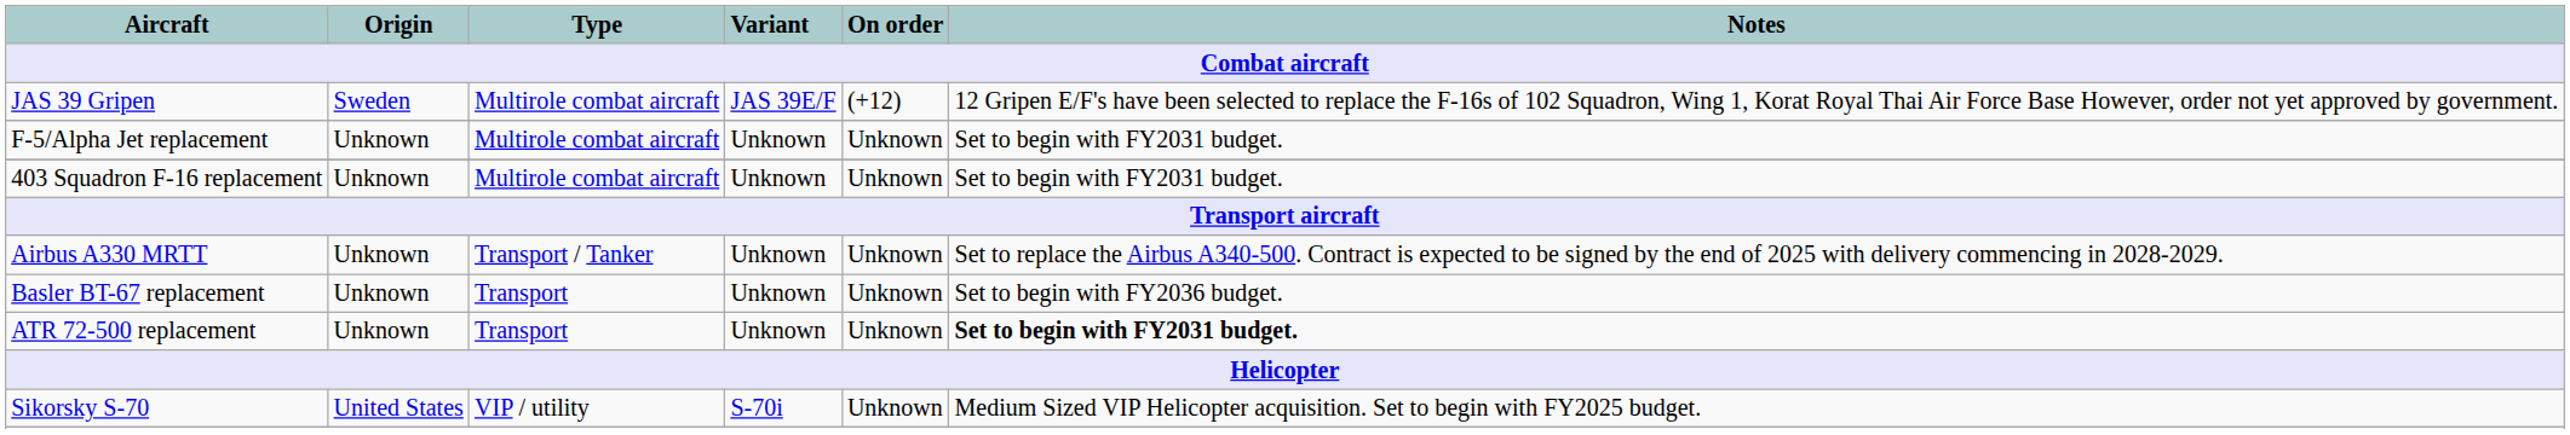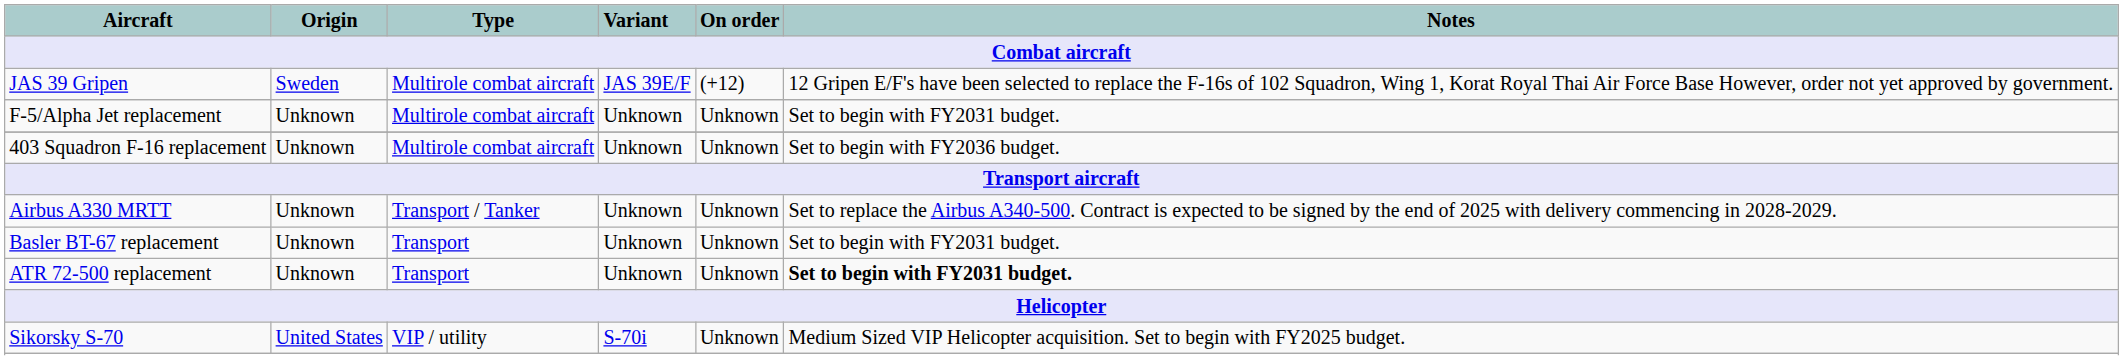 <table class="wikitable">
 <tr>
 <th style="text-align:center; background:#acc;">Aircraft</th>
 <th style="text-align: center; background:#acc;">Origin</th>
 <th style="text-align:l center; background:#acc;">Type</th>
 <th style="text-align:left; background:#acc;">Variant</th>
 <th style="text-align:center; background:#acc;">On order</th>
 <th style="text-align: center; background:#acc;">Notes</th>
 </tr>
 <tr>
 <th style="align: center; background: lavender;" colspan="7"><a href='#'>Combat aircraft</a></th>
 </tr>
 <tr>
 <td><a href='#'>JAS 39 Gripen</a></td>
 <td><a href='#'>Sweden</a></td>
 <td><a href='#'>Multirole combat aircraft</a></td>
 <td><a href='#'>JAS 39E/F</a></td>
 <td>(+12)</td>
 <td>12 Gripen E/F's have been selected to replace the F-16s of 102 Squadron, Wing 1, Korat Royal Thai Air Force Base However, order not yet approved by government.</td>
 </tr>
 <tr>
 </tr>
 <tr>
 <td>F-5/Alpha Jet replacement</td>
 <td>Unknown</td>
 <td><a href='#'>Multirole combat aircraft</a></td>
 <td>Unknown</td>
 <td>Unknown</td>
 <td>Set to begin with FY2031 budget.</td>
 </tr>
 <tr>
 </tr>
 <tr>
 <td>403 Squadron F-16 replacement</td>
 <td>Unknown</td>
 <td><a href='#'>Multirole combat aircraft</a></td>
 <td>Unknown</td>
 <td>Unknown</td>
-<td>Set to begin with FY2031 budget.</td>
+<td>Set to begin with FY2036 budget.</td>
 </tr>
 <tr>
 <th style="align: center; background: lavender;" colspan="7"><a href='#'>Transport aircraft</a></th>
 </tr>
 <tr>
 <td><a href='#'>Airbus A330 MRTT</a></td>
 <td>Unknown</td>
 <td><a href='#'>Transport</a> / <a href='#'>Tanker</a></td>
 <td>Unknown</td>
 <td>Unknown</td>
 <td>Set to replace the <a href='#'>Airbus A340-500</a>. Contract is expected to be signed by the end of 2025 with delivery commencing in 2028-2029.</td>
 </tr>
 <tr>
 <td><a href='#'>Basler BT-67</a> replacement</td>
 <td>Unknown</td>
 <td><a href='#'>Transport</a></td>
 <td>Unknown</td>
 <td>Unknown</td>
-<td>Set to begin with FY2036 budget.</td>
+<td>Set to begin with FY2031 budget.</td>
 </tr>
 <tr>
 <td><a href='#'>ATR 72-500</a> replacement</td>
 <td>Unknown</td>
 <td><a href='#'>Transport</a></td>
 <td>Unknown</td>
 <td>Unknown</td>
 <td><strong>Set to begin with FY2031 budget.</strong></td>
 </tr>
 <tr>
 <th style="align: center; background: lavender;" colspan="7"><a href='#'>Helicopter</a></th>
 </tr>
 <tr>
 <td><a href='#'>Sikorsky S-70</a></td>
 <td><a href='#'>United States</a></td>
 <td><a href='#'>VIP</a> / utility</td>
 <td><a href='#'>S-70i</a></td>
 <td>Unknown</td>
 <td>Medium Sized VIP Helicopter acquisition. Set to begin with FY2025 budget.</td>
 </tr>
 <tr>
 </tr>
 <tr>
 </tr>
 </table>
